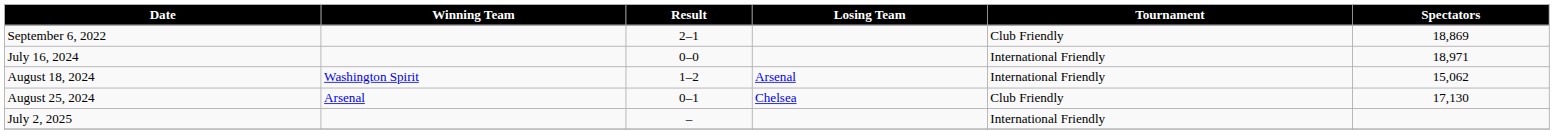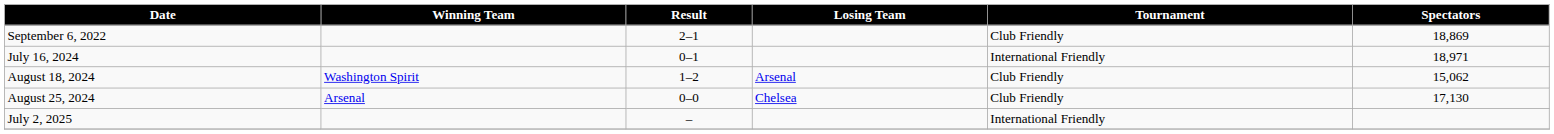 <table class="wikitable" style="text-align:left; width:95%;" style="text-align:center">
 <tr>
 <th style="text-align:center;  background:#000; color:#fff; ">Date</th>
 <th style="text-align:center;  background:#000; color:#fff; ">Winning Team</th>
 <th style="text-align:center;  background:#000; color:#fff; ">Result</th>
 <th style="text-align:center;  background:#000; color:#fff; ">Losing Team</th>
 <th style="text-align:center;  background:#000; color:#fff; ">Tournament</th>
 <th style="text-align:center;  background:#000; color:#fff; ">Spectators</th>
 </tr>
 <tr>
 <td>September 6, 2022</td>
 <td><strong></strong></td>
 <td style="text-align:center;">2–1</td>
 <td></td>
 <td>Club Friendly</td>
 <td style="text-align:center;">18,869</td>
 </tr>
 <tr>
 <td>July 16, 2024</td>
 <td></td>
-<td style="text-align:center;">0–0</td>
+<td style="text-align:center;">0–1</td>
 <td></td>
 <td>International Friendly</td>
 <td style="text-align:center;">18,971</td>
 </tr>
 <tr>
 <td>August 18, 2024</td>
 <td> <a href='#'>Washington Spirit</a></td>
 <td style="text-align:center;">1–2</td>
 <td> <a href='#'>Arsenal</a></td>
-<td>International Friendly</td>
+<td>Club Friendly</td>
 <td style="text-align:center;">15,062</td>
 </tr>
 <tr>
 <td>August 25, 2024</td>
 <td> <a href='#'>Arsenal</a></td>
-<td style="text-align:center;">0–1</td>
+<td style="text-align:center;">0–0</td>
 <td> <a href='#'>Chelsea</a></td>
 <td>Club Friendly</td>
 <td style="text-align:center;">17,130</td>
 </tr>
 <tr>
 <td>July 2, 2025</td>
 <td></td>
 <td style="text-align:center;">–</td>
 <td></td>
 <td>International Friendly</td>
 <td style="text-align:center;"></td>
 </tr>
 <tr>
 </tr>
 </table>
